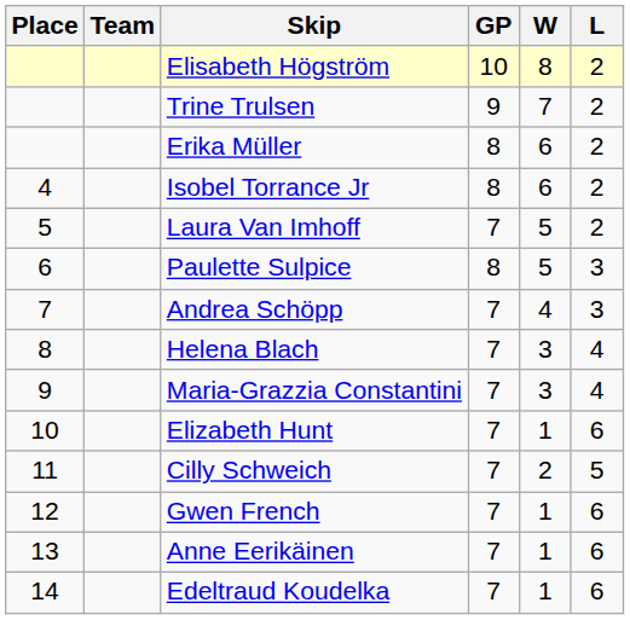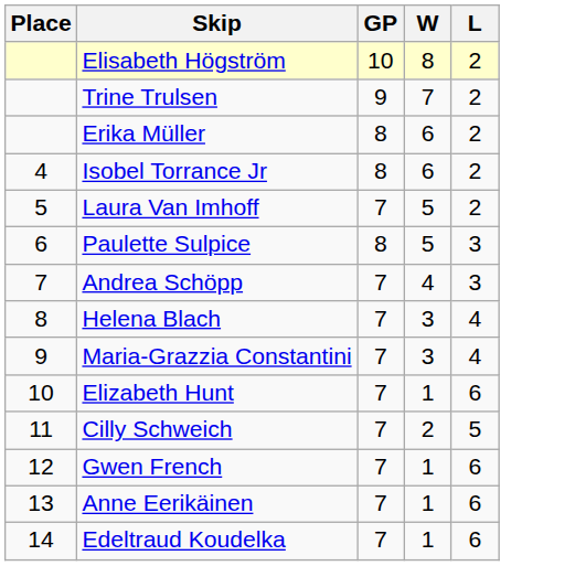 <table class="wikitable" style="text-align:center;">
 <tr>
 <th>Place</th>
-<th>Team</th>
 <th>Skip</th>
 <th width="25">GP</th>
 <th width="25">W</th>
 <th width="25">L</th>
 </tr>
 <tr bgcolor="#ffffcc">
 <td></td>
-<td align=left></td>
 <td align=left><a href='#'>Elisabeth Högström</a></td>
 <td>10</td>
 <td>8</td>
 <td>2</td>
 </tr>
 <tr>
 <td></td>
-<td align=left></td>
 <td align=left><a href='#'>Trine Trulsen</a></td>
 <td>9</td>
 <td>7</td>
 <td>2</td>
 </tr>
 <tr>
 <td></td>
-<td align=left></td>
 <td align=left><a href='#'>Erika Müller</a></td>
 <td>8</td>
 <td>6</td>
 <td>2</td>
 </tr>
 <tr>
 <td>4</td>
-<td align=left></td>
 <td align=left><a href='#'>Isobel Torrance Jr</a></td>
 <td>8</td>
 <td>6</td>
 <td>2</td>
 </tr>
 <tr>
 <td>5</td>
-<td align=left></td>
 <td align=left><a href='#'>Laura Van Imhoff</a></td>
 <td>7</td>
 <td>5</td>
 <td>2</td>
 </tr>
 <tr>
 <td>6</td>
-<td align=left></td>
 <td align=left><a href='#'>Paulette Sulpice</a></td>
 <td>8</td>
 <td>5</td>
 <td>3</td>
 </tr>
 <tr>
 <td>7</td>
-<td align=left></td>
 <td align=left><a href='#'>Andrea Schöpp</a></td>
 <td>7</td>
 <td>4</td>
 <td>3</td>
 </tr>
 <tr>
 <td>8</td>
-<td align=left></td>
 <td align=left><a href='#'>Helena Blach</a></td>
 <td>7</td>
 <td>3</td>
 <td>4</td>
 </tr>
 <tr>
 <td>9</td>
-<td align=left></td>
 <td align=left><a href='#'>Maria-Grazzia Constantini</a></td>
 <td>7</td>
 <td>3</td>
 <td>4</td>
 </tr>
 <tr>
 <td>10</td>
-<td align=left></td>
 <td align=left><a href='#'>Elizabeth Hunt</a></td>
 <td>7</td>
 <td>1</td>
 <td>6</td>
 </tr>
 <tr>
 <td>11</td>
-<td align=left></td>
 <td align=left><a href='#'>Cilly Schweich</a></td>
 <td>7</td>
 <td>2</td>
 <td>5</td>
 </tr>
 <tr>
 <td>12</td>
-<td align=left></td>
 <td align=left><a href='#'>Gwen French</a></td>
 <td>7</td>
 <td>1</td>
 <td>6</td>
 </tr>
 <tr>
 <td>13</td>
-<td align=left></td>
 <td align=left><a href='#'>Anne Eerikäinen</a></td>
 <td>7</td>
 <td>1</td>
 <td>6</td>
 </tr>
 <tr>
 <td>14</td>
-<td align=left></td>
 <td align=left><a href='#'>Edeltraud Koudelka</a></td>
 <td>7</td>
 <td>1</td>
 <td>6</td>
 </tr>
 </table>
